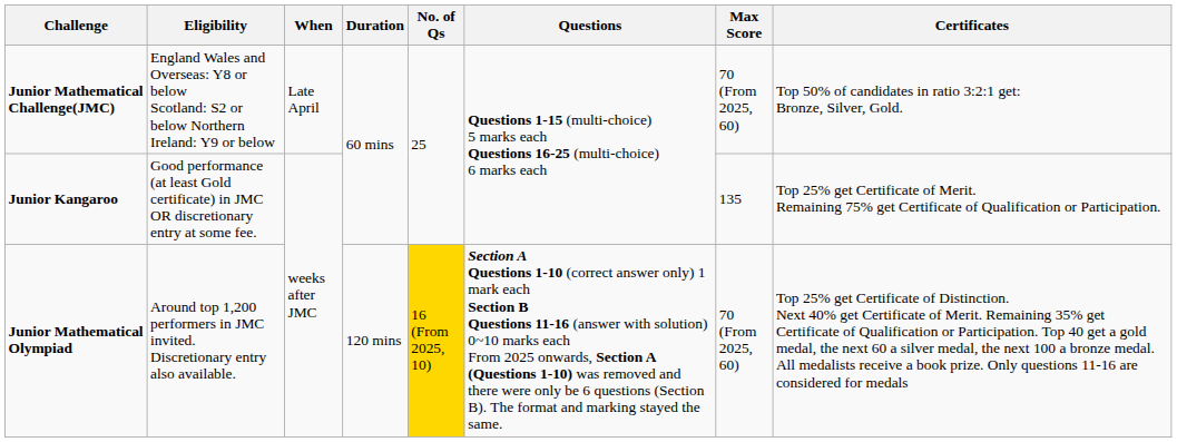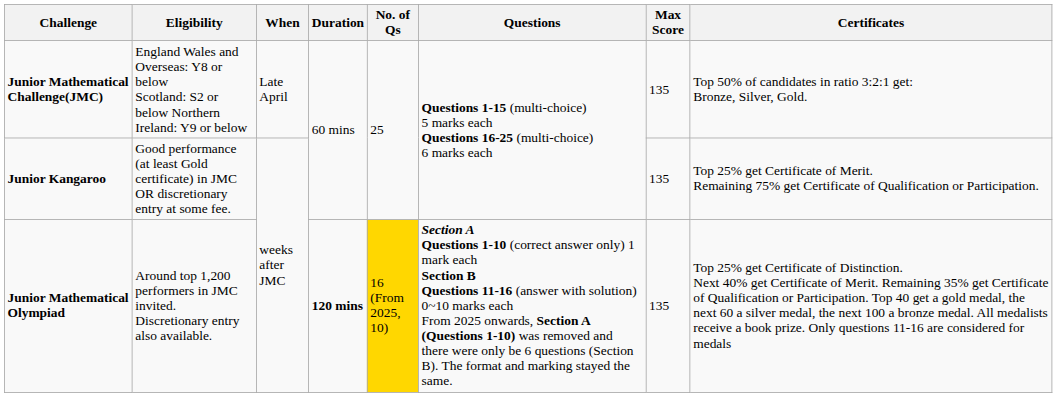 <table class="wikitable mw-collapsible">
 <tr>
 <th>Challenge</th>
 <th>Eligibility</th>
 <th>When</th>
 <th>Duration</th>
 <th>No. of Qs</th>
 <th>Questions</th>
 <th>Max Score</th>
 <th>Certificates</th>
 </tr>
 <tr>
 <td><strong>Junior Mathematical Challenge(JMC)</strong></td>
 <td>England Wales and Overseas: Y8 or below<br>Scotland: S2 or below Northern Ireland: Y9 or below</td>
 <td>Late April</td>
 <td rowspan="2">60 mins</td>
 <td rowspan="2">25</td>
 <td rowspan="2"><strong>Questions 1-15</strong> (multi-choice)<br>5 marks each<br><strong>Questions 16-25</strong> (multi-choice)<br>6 marks each</td>
-<td>70<br>(From 2025, 60)</td>
+<td>135</td>
 <td>Top 50% of candidates in ratio 3:2:1 get:<br>Bronze, Silver, Gold.</td>
 </tr>
 <tr>
 <td><strong>Junior Kangaroo</strong></td>
 <td>Good performance (at least Gold certificate) in JMC<br>OR discretionary entry at some fee.</td>
 <td rowspan="2">weeks after JMC</td>
 <td>135</td>
 <td>Top 25% get Certificate of Merit.<br>Remaining 75% get Certificate of Qualification or Participation.</td>
 </tr>
 <tr>
 <td><strong>Junior Mathematical Olympiad</strong></td>
 <td>Around top 1,200 performers in JMC invited.<br>Discretionary entry also available.</td>
-<td>120 mins</td>
+<td><strong>120 mins</strong></td>
 <td style="background: gold;">16<br>(From 2025, 10)</td>
 <td><strong><em>Section A</em></strong><br><strong>Questions 1-10</strong> (correct answer only) 1 mark each<br><strong>Section B</strong><br><strong>Questions 11-16</strong> (answer with solution)<br>0~10 marks each<br>From 2025 onwards, <strong>Section A (Questions 1-10)</strong> was removed and there were only be 6 questions (Section B). The format and marking stayed the same.</td>
-<td>70<br>(From 2025, 60)</td>
+<td>135</td>
 <td>Top 25% get Certificate of Distinction.<br>Next 40% get Certificate of Merit. Remaining 35% get Certificate of Qualification or Participation. Top 40 get a gold medal, the next 60 a silver medal, the next 100 a bronze medal.  All medalists receive a book prize. Only questions 11-16 are considered for medals</td>
 </tr>
 </table>
